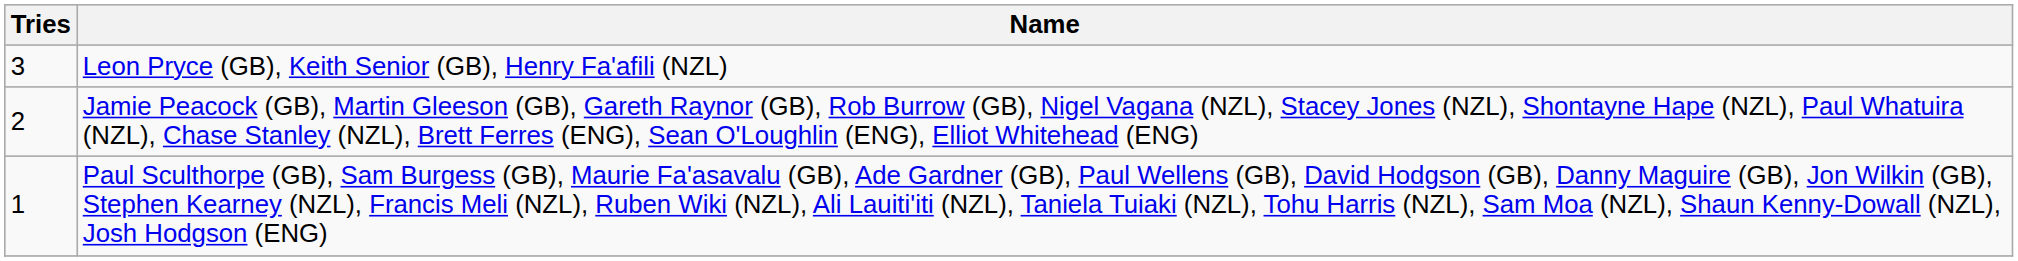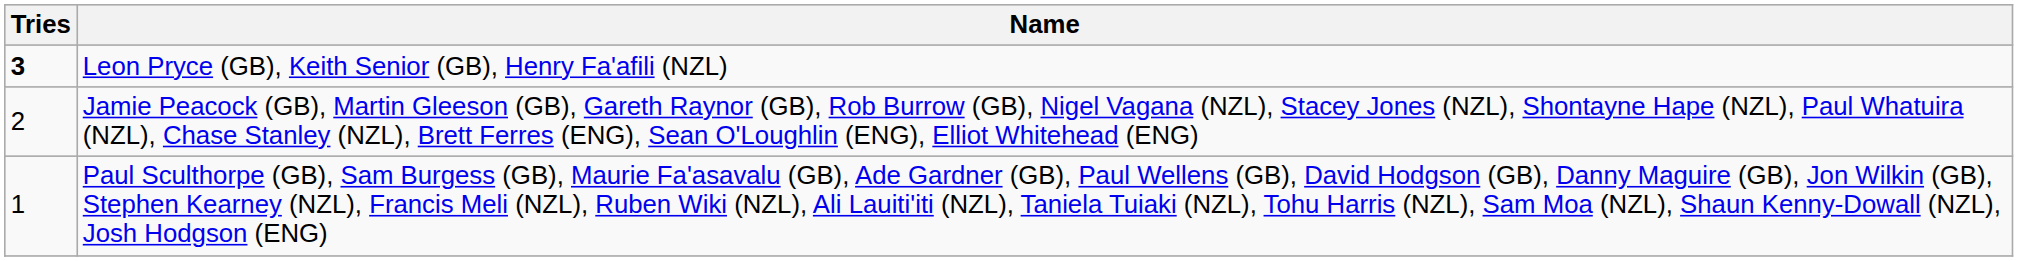 <table class="wikitable">
 <tr>
 <th>Tries</th>
 <th>Name</th>
 </tr>
 <tr>
-<td>3</td>
+<td><strong>3</strong></td>
 <td><a href='#'>Leon Pryce</a> (GB), <a href='#'>Keith Senior</a> (GB), <a href='#'>Henry Fa'afili</a> (NZL)</td>
 </tr>
 <tr>
 <td>2</td>
 <td><a href='#'>Jamie Peacock</a> (GB), <a href='#'>Martin Gleeson</a> (GB), <a href='#'>Gareth Raynor</a> (GB), <a href='#'>Rob Burrow</a> (GB), <a href='#'>Nigel Vagana</a> (NZL), <a href='#'>Stacey Jones</a> (NZL), <a href='#'>Shontayne Hape</a> (NZL), <a href='#'>Paul Whatuira</a> (NZL), <a href='#'>Chase Stanley</a> (NZL), <a href='#'>Brett Ferres</a> (ENG), <a href='#'>Sean O'Loughlin</a> (ENG), <a href='#'>Elliot Whitehead</a> (ENG)</td>
 </tr>
 <tr>
 <td>1</td>
 <td><a href='#'>Paul Sculthorpe</a> (GB), <a href='#'>Sam Burgess</a> (GB), <a href='#'>Maurie Fa'asavalu</a> (GB), <a href='#'>Ade Gardner</a> (GB), <a href='#'>Paul Wellens</a> (GB), <a href='#'>David Hodgson</a> (GB), <a href='#'>Danny Maguire</a> (GB), <a href='#'>Jon Wilkin</a> (GB), <a href='#'>Stephen Kearney</a> (NZL), <a href='#'>Francis Meli</a> (NZL), <a href='#'>Ruben Wiki</a> (NZL), <a href='#'>Ali Lauiti'iti</a> (NZL), <a href='#'>Taniela Tuiaki</a> (NZL), <a href='#'>Tohu Harris</a> (NZL), <a href='#'>Sam Moa</a> (NZL), <a href='#'>Shaun Kenny-Dowall</a> (NZL), <a href='#'>Josh Hodgson</a> (ENG)</td>
 </tr>
 </table>
